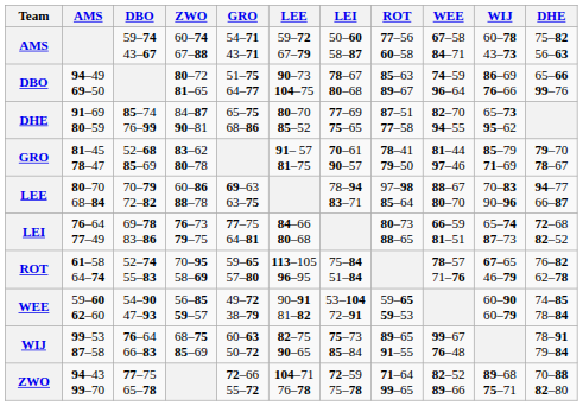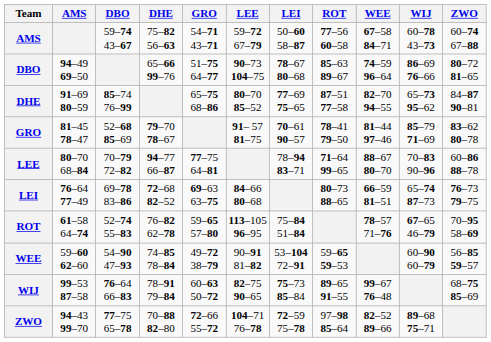 <table class="wikitable" style=" text-align:center; font-size:95%;">
 <tr>
 <th width=10%>Team</th>
 <th width=9%><a href='#'>AMS</a></th>
 <th width=9%><a href='#'>DBO</a></th>
-<th width=9%><a href='#'>ZWO</a></th>
+<th width=9%><a href='#'>DHE</a></th>
 <th width=9%><a href='#'>GRO</a></th>
 <th width=9%><a href='#'>LEE</a></th>
 <th width=9%><a href='#'>LEI</a></th>
 <th width=9%><a href='#'>ROT</a></th>
 <th width=9%><a href='#'>WEE</a></th>
 <th width=9%><a href='#'>WIJ</a></th>
-<th width=9%><a href='#'>DHE</a></th>
+<th width=9%><a href='#'>ZWO</a></th>
 </tr>
 <tr>
 <th><a href='#'>AMS</a></th>
 <th></th>
 <td>59–<strong>74</strong> <br> 43–<strong>67</strong></td>
-<td>60–<strong>74</strong><br>67–<strong>88</strong></td>
+<td>75–<strong>82</strong><br>56–<strong>63</strong></td>
 <td>54–<strong>71</strong><br>43–<strong>71</strong></td>
 <td>59–<strong>72</strong><br>67–<strong>79</strong></td>
 <td>50–<strong>60</strong><br>58–<strong>87</strong></td>
 <td><strong>77</strong>–56<br><strong>60</strong>–58</td>
 <td><strong>67</strong>–58<br><strong>84</strong>–71</td>
 <td>60–<strong>78</strong><br>43–<strong>73</strong></td>
-<td>75–<strong>82</strong><br>56–<strong>63</strong></td>
+<td>60–<strong>74</strong><br>67–<strong>88</strong></td>
 </tr>
 <tr>
 <th><a href='#'>DBO</a></th>
 <td><strong>94</strong>–49<br><strong>69</strong>–50</td>
 <th></th>
-<td><strong>80</strong>–72<br><strong>81</strong>–65</td>
+<td>65–<strong>66</strong> <br> <strong>99</strong>–76</td>
 <td>51–<strong>75</strong><br>64–<strong>77</strong></td>
 <td><strong>90</strong>–73<br><strong>104</strong>–75</td>
 <td><strong>78</strong>–67<br><strong>80</strong>–68</td>
 <td><strong>85</strong>–63<br><strong>89</strong>–67</td>
 <td><strong>74</strong>–59<br><strong>96</strong>–64</td>
 <td><strong>86</strong>–69<br><strong>76</strong>–66</td>
-<td>65–<strong>66</strong> <br> <strong>99</strong>–76</td>
+<td><strong>80</strong>–72<br><strong>81</strong>–65</td>
 </tr>
 <tr>
 <th><a href='#'>DHE</a></th>
 <td><strong>91</strong>–69<br><strong>80</strong>–59</td>
 <td><strong>85</strong>–74<br>76–<strong>99</strong></td>
-<td>84–<strong>87</strong><br><strong>90</strong>–81</td>
+<th></th>
 <td>65–<strong>75</strong><br>68–<strong>86</strong></td>
 <td><strong>80</strong>–70<br><strong>85</strong>–52</td>
 <td><strong>77</strong>–69<br><strong>75</strong>–65</td>
 <td><strong>87</strong>–51<br><strong>77</strong>–58</td>
 <td><strong>82</strong>–70<br><strong>94</strong>–55</td>
 <td>65–<strong>73</strong><br><strong>95</strong>–62</td>
-<th></th>
+<td>84–<strong>87</strong><br><strong>90</strong>–81</td>
 </tr>
 <tr>
 <th><a href='#'>GRO</a></th>
 <td><strong>81</strong>–45<br><strong>78</strong>–47</td>
 <td>52–<strong>68</strong><br><strong>85</strong>–69</td>
-<td><strong>83</strong>–62<br><strong>80</strong>–78</td>
+<td><strong>79</strong>–70<br><strong>78</strong>–67</td>
 <th></th>
 <td><strong>91</strong>– 57<br><strong>81</strong>–75</td>
 <td><strong>70</strong>–61<br><strong>90</strong>–57</td>
 <td><strong>78</strong>–41<br><strong>79</strong>–50</td>
 <td><strong>81</strong>–44<br><strong>97</strong>–46</td>
 <td><strong>85</strong>–79 <br> <strong>71</strong>–69</td>
-<td><strong>79</strong>–70<br><strong>78</strong>–67</td>
+<td><strong>83</strong>–62<br><strong>80</strong>–78</td>
 </tr>
 <tr>
 <th><a href='#'>LEE</a></th>
 <td><strong>80</strong>–70<br>68–<strong>84</strong></td>
 <td>70–<strong>79</strong><br>72–<strong>82</strong></td>
-<td>60–<strong>86</strong> <br> <strong>88</strong>–78</td>
-<td><strong>69</strong>–63<br>63–<strong>75</strong></td>
+<td><strong>94</strong>–77<br>66–<strong>87</strong></td>
+<td><strong>77</strong>–75<br>64–<strong>81</strong></td>
 <th></th>
 <td>78–<strong>94</strong><br><strong>83</strong>–71</td>
-<td>97–<strong>98</strong><br><strong>85</strong>–64</td>
+<td><strong>71</strong>–64 <br><strong>99</strong>–65</td>
 <td><strong>88</strong>–67<br><strong>80</strong>–70</td>
 <td>70–<strong>83</strong><br>90–<strong>96</strong></td>
-<td><strong>94</strong>–77<br>66–<strong>87</strong></td>
+<td>60–<strong>86</strong> <br> <strong>88</strong>–78</td>
 </tr>
 <tr>
 <th><a href='#'>LEI</a></th>
 <td><strong>76</strong>–64<br><strong>77</strong>–49</td>
 <td>69–<strong>78</strong><br>83–<strong>86</strong></td>
-<td><strong>76</strong>–73 <br> <strong>79</strong>–75</td>
-<td><strong>77</strong>–75<br>64–<strong>81</strong></td>
+<td><strong>72</strong>–68<br><strong>82</strong>–52</td>
+<td><strong>69</strong>–63<br>63–<strong>75</strong></td>
 <td><strong>84</strong>–66<br><strong>80</strong>–68</td>
 <th></th>
 <td><strong>80</strong>–73<br><strong>88</strong>–65</td>
 <td><strong>66</strong>–59<br><strong>81</strong>–51</td>
 <td>65–<strong>74</strong><br><strong>87</strong>–73</td>
-<td><strong>72</strong>–68<br><strong>82</strong>–52</td>
+<td><strong>76</strong>–73 <br> <strong>79</strong>–75</td>
 </tr>
 <tr>
 <th><a href='#'>ROT</a></th>
 <td><strong>61</strong>–58<br>64–<strong>74</strong></td>
 <td>52–<strong>74</strong><br>55–<strong>83</strong></td>
-<td>70–<strong>95</strong><br>58–<strong>69</strong></td>
+<td>76–<strong>82</strong><br>62–<strong>78</strong></td>
 <td>59–<strong>65</strong><br>57–<strong>80</strong></td>
 <td><strong>113</strong>–105<br><strong>96</strong>–95</td>
 <td>75–<strong>84</strong><br>51–<strong>84</strong></td>
 <th></th>
 <td><strong>78</strong>–57 <br> 71–<strong>76</strong></td>
 <td><strong>67</strong>–65<br>46–<strong>79</strong></td>
-<td>76–<strong>82</strong><br>62–<strong>78</strong></td>
+<td>70–<strong>95</strong><br>58–<strong>69</strong></td>
 </tr>
 <tr>
 <th><a href='#'>WEE</a></th>
 <td>59–<strong>60</strong><br><strong>62</strong>–60</td>
 <td>54–<strong>90</strong><br>47–<strong>93</strong></td>
-<td>56–<strong>85</strong><br><strong>59</strong>–57</td>
+<td>74–<strong>85</strong><br>78–<strong>84</strong></td>
 <td>49–<strong>72</strong><br>38–<strong>79</strong></td>
 <td>90–<strong>91</strong><br>81–<strong>82</strong></td>
 <td>53–<strong>104</strong><br>72–<strong>91</strong></td>
 <td>59–<strong>65</strong><br><strong>59</strong>–53</td>
 <th></th>
 <td>60–<strong>90</strong><br>60–<strong>79</strong></td>
-<td>74–<strong>85</strong><br>78–<strong>84</strong></td>
+<td>56–<strong>85</strong><br><strong>59</strong>–57</td>
 </tr>
 <tr>
 <th><a href='#'>WIJ</a></th>
 <td><strong>99</strong>–53<br><strong>87</strong>–58</td>
 <td><strong>76</strong>–64<br>66–<strong>83</strong></td>
-<td>68–<strong>75</strong><br><strong>85</strong>–69</td>
+<td>78–<strong>91</strong><br>79–<strong>84</strong></td>
 <td>60–<strong>63</strong><br>50–<strong>72</strong></td>
 <td><strong>82</strong>–75<br><strong>90</strong>–65</td>
 <td><strong>75</strong>–73 <br> <strong>85</strong>–84</td>
 <td><strong>89</strong>–65<br><strong>91</strong>–55</td>
 <td><strong>99</strong>–67<br><strong>76</strong>–48</td>
 <th></th>
-<td>78–<strong>91</strong><br>79–<strong>84</strong></td>
+<td>68–<strong>75</strong><br><strong>85</strong>–69</td>
 </tr>
 <tr>
 <th><a href='#'>ZWO</a></th>
 <td><strong>94</strong>–43<br><strong>99</strong>–70</td>
 <td><strong>77</strong>–75<br>65–<strong>78</strong></td>
-<th></th>
+<td>70–<strong>88</strong><br><strong>82</strong>–80</td>
 <td><strong>72</strong>–66<br>55–<strong>72</strong></td>
 <td><strong>104</strong>–71<br>76–<strong>78</strong></td>
 <td><strong>72</strong>–59<br>75–<strong>78</strong></td>
-<td><strong>71</strong>–64 <br><strong>99</strong>–65</td>
+<td>97–<strong>98</strong><br><strong>85</strong>–64</td>
 <td><strong>82</strong>–52<br><strong>89</strong>–66</td>
 <td><strong>89</strong>–68<br><strong>75</strong>–71</td>
-<td>70–<strong>88</strong><br><strong>82</strong>–80</td>
+<th></th>
 </tr>
 </table>
